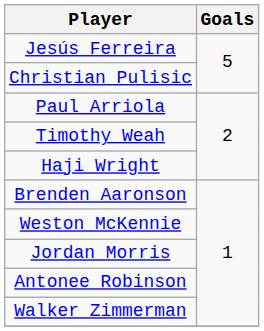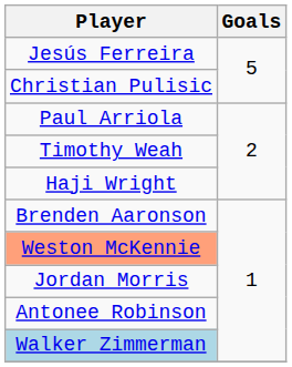 <table class="wikitable sortable" style="text-align: center;">
 <tr>
 <th>Player</th>
 <th>Goals</th>
 </tr>
 <tr>
 <td><a href='#'>Jesús Ferreira</a></td>
 <td rowspan=2>5</td>
 </tr>
 <tr>
 <td><a href='#'>Christian Pulisic</a></td>
 </tr>
 <tr>
 <td><a href='#'>Paul Arriola</a></td>
 <td rowspan=3>2</td>
 </tr>
 <tr>
 <td><a href='#'>Timothy Weah</a></td>
 </tr>
 <tr>
 <td><a href='#'>Haji Wright</a></td>
 </tr>
 <tr>
 <td><a href='#'>Brenden Aaronson</a></td>
 <td rowspan=5>1</td>
 </tr>
 <tr>
-<td><a href='#'>Weston McKennie</a></td>
+<td style="background: lightsalmon;"><a href='#'>Weston McKennie</a></td>
 </tr>
 <tr>
 <td><a href='#'>Jordan Morris</a></td>
 </tr>
 <tr>
 <td><a href='#'>Antonee Robinson</a></td>
 </tr>
 <tr>
-<td><a href='#'>Walker Zimmerman</a></td>
+<td style="background: lightblue;"><a href='#'>Walker Zimmerman</a></td>
 </tr>
 <tr>
 </tr>
 </table>
